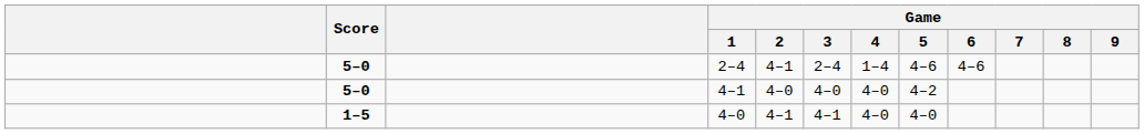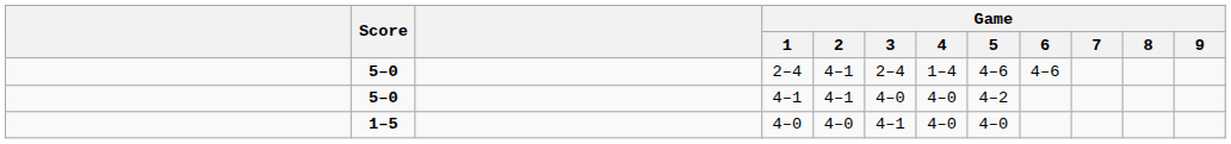 <table class="wikitable" style="text-align: center;">
 <tr>
 <th rowspan=2 align="right" width="270"></th>
 <th rowspan=2 width="45">Score</th>
 <th rowspan=2 align="left" width="270"></th>
 <th colspan=9>Game</th>
 </tr>
 <tr>
 <th width="35">1</th>
 <th width="35">2</th>
 <th width="35">3</th>
 <th width="35">4</th>
 <th width="35">5</th>
 <th width="35">6</th>
 <th width="35">7</th>
 <th width="35">8</th>
 <th width="35">9</th>
 </tr>
 <tr>
 <td align=left><br></td>
 <td align=center><strong>5–0</strong></td>
 <td align=left><strong><br></strong></td>
 <td>2–4</td>
 <td>4–1</td>
 <td>2–4</td>
 <td>1–4</td>
 <td>4–6</td>
 <td>4–6</td>
 <td></td>
 <td></td>
 <td></td>
 </tr>
 <tr>
 <td align=left><strong><br></strong></td>
 <td align=center><strong>5–0</strong></td>
 <td align=left><br></td>
 <td>4–1</td>
-<td>4–0</td>
+<td>4–1</td>
 <td>4–0</td>
 <td>4–0</td>
 <td>4–2</td>
 <td></td>
 <td></td>
 <td></td>
 <td></td>
 </tr>
 <tr>
 <td align=left><strong><br></strong></td>
 <td align=center><strong>1–5</strong></td>
 <td align=left><br></td>
 <td>4–0</td>
-<td>4–1</td>
+<td>4–0</td>
 <td>4–1</td>
 <td>4–0</td>
 <td>4–0</td>
 <td></td>
 <td></td>
 <td></td>
 <td></td>
 </tr>
 </table>
